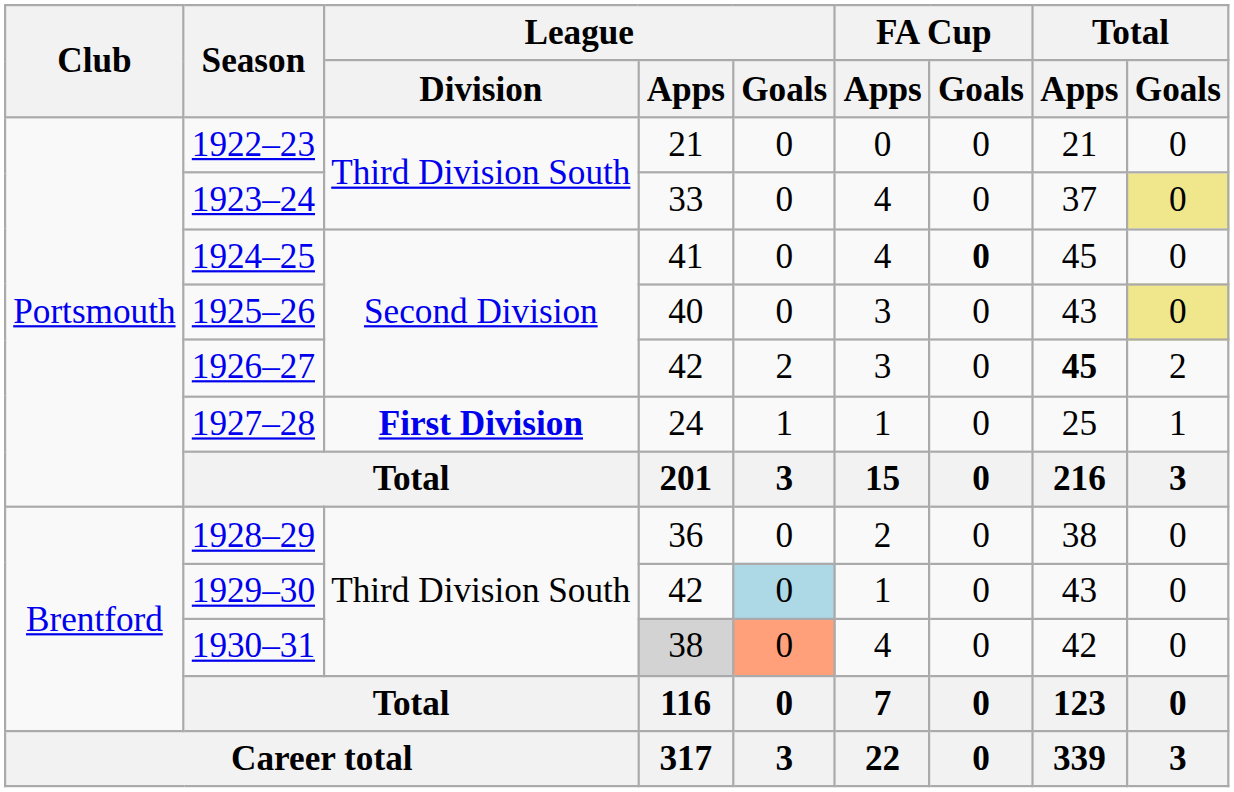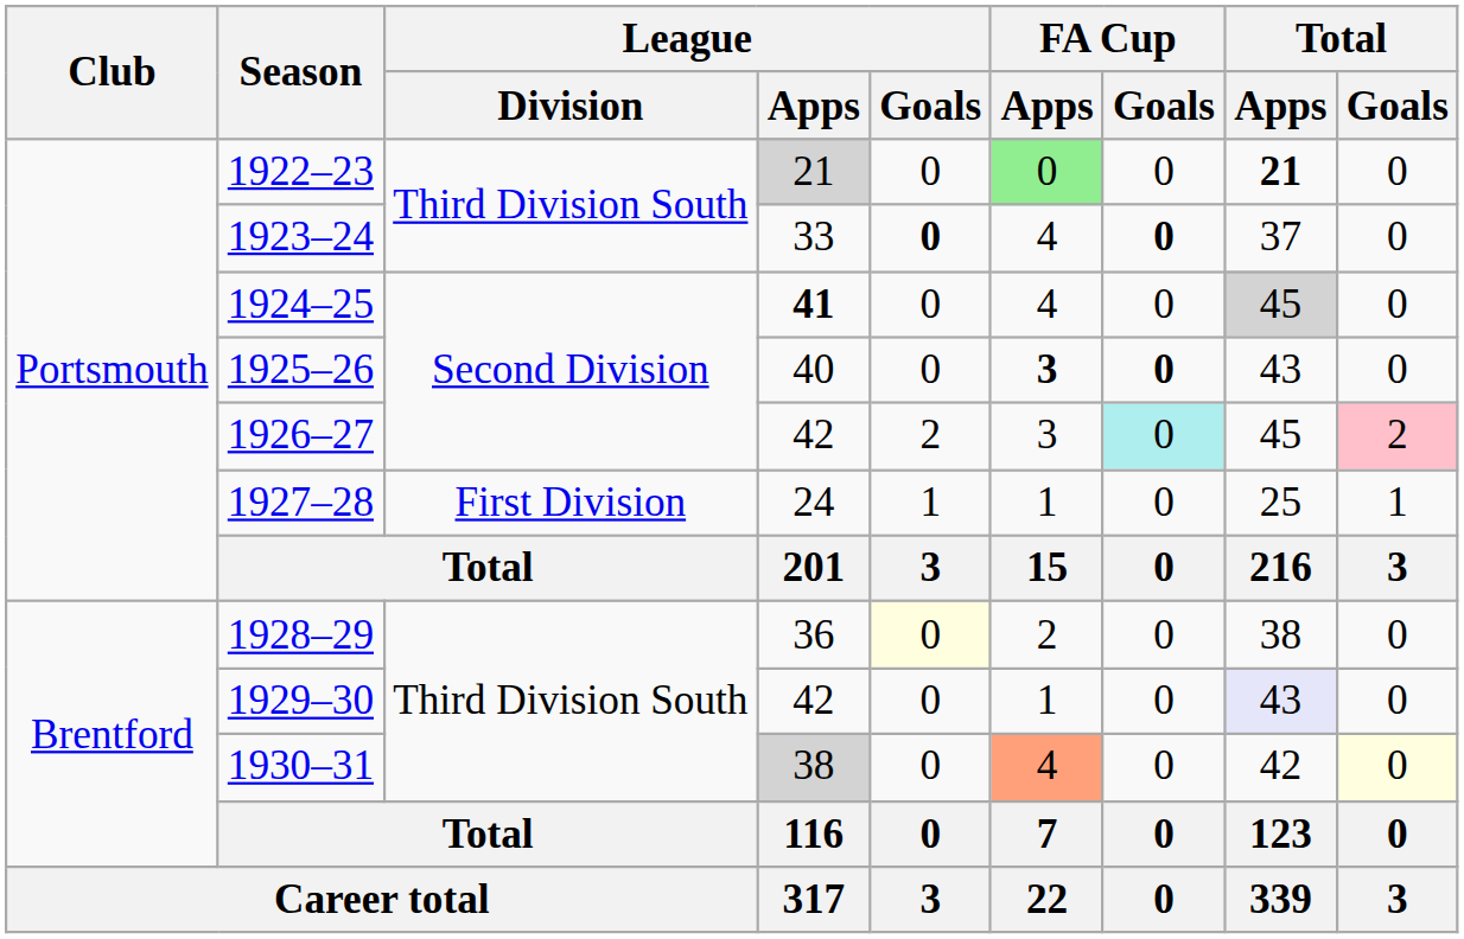 <table class="wikitable" style="text-align: center;">
 <tr>
 <th rowspan="2">Club</th>
 <th rowspan="2">Season</th>
 <th colspan="3">League</th>
 <th colspan="2">FA Cup</th>
 <th colspan="2">Total</th>
 </tr>
 <tr>
 <th>Division</th>
 <th>Apps</th>
 <th>Goals</th>
 <th>Apps</th>
 <th>Goals</th>
 <th>Apps</th>
 <th>Goals</th>
 </tr>
 <tr>
 <td rowspan="7"><a href='#'>Portsmouth</a></td>
 <td><a href='#'>1922–23</a></td>
 <td rowspan="2"><a href='#'>Third Division South</a></td>
-<td>21</td>
+<td style="background: lightgrey;">21</td>
 <td>0</td>
+<td style="background: lightgreen;">0</td>
 <td>0</td>
-<td>0</td>
-<td>21</td>
+<td><strong>21</strong></td>
 <td>0</td>
 </tr>
 <tr>
 <td><a href='#'>1923–24</a></td>
 <td>33</td>
+<td><strong>0</strong></td>
+<td>4</td>
+<td><strong>0</strong></td>
+<td>37</td>
 <td>0</td>
-<td>4</td>
-<td>0</td>
-<td>37</td>
-<td style="background: khaki;">0</td>
 </tr>
 <tr>
 <td><a href='#'>1924–25</a></td>
 <td rowspan="3"><a href='#'>Second Division</a></td>
-<td>41</td>
+<td><strong>41</strong></td>
 <td>0</td>
 <td>4</td>
-<td><strong>0</strong></td>
-<td>45</td>
+<td>0</td>
+<td style="background: lightgrey;">45</td>
 <td>0</td>
 </tr>
 <tr>
 <td><a href='#'>1925–26</a></td>
 <td>40</td>
 <td>0</td>
-<td>3</td>
+<td><strong>3</strong></td>
+<td><strong>0</strong></td>
+<td>43</td>
 <td>0</td>
-<td>43</td>
-<td style="background: khaki;">0</td>
 </tr>
 <tr>
 <td><a href='#'>1926–27</a></td>
 <td>42</td>
 <td>2</td>
 <td>3</td>
-<td>0</td>
-<td><strong>45</strong></td>
-<td>2</td>
+<td style="background: paleturquoise;">0</td>
+<td>45</td>
+<td style="background: pink;">2</td>
 </tr>
 <tr>
 <td><a href='#'>1927–28</a></td>
-<td><strong><a href='#'>First Division</a></strong></td>
+<td><a href='#'>First Division</a></td>
 <td>24</td>
 <td>1</td>
 <td>1</td>
 <td>0</td>
 <td>25</td>
 <td>1</td>
 </tr>
 <tr>
 <th colspan="2">Total</th>
 <th>201</th>
 <th>3</th>
 <th>15</th>
 <th>0</th>
 <th>216</th>
 <th>3</th>
 </tr>
 <tr>
 <td rowspan="4"><a href='#'>Brentford</a></td>
 <td><a href='#'>1928–29</a></td>
 <td rowspan="3">Third Division South</td>
 <td>36</td>
-<td>0</td>
+<td style="background: lightyellow;">0</td>
 <td>2</td>
 <td>0</td>
 <td>38</td>
 <td>0</td>
 </tr>
 <tr>
 <td><a href='#'>1929–30</a></td>
 <td>42</td>
-<td style="background: lightblue;">0</td>
+<td>0</td>
 <td>1</td>
 <td>0</td>
-<td>43</td>
+<td style="background: lavender;">43</td>
 <td>0</td>
 </tr>
 <tr>
 <td><a href='#'>1930–31</a></td>
 <td style="background: lightgrey;">38</td>
-<td style="background: lightsalmon;">0</td>
-<td>4</td>
+<td>0</td>
+<td style="background: lightsalmon;">4</td>
 <td>0</td>
 <td>42</td>
-<td>0</td>
+<td style="background: lightyellow;">0</td>
 </tr>
 <tr>
 <th colspan="2">Total</th>
 <th>116</th>
 <th>0</th>
 <th>7</th>
 <th>0</th>
 <th>123</th>
 <th>0</th>
 </tr>
 <tr>
 <th colspan="3">Career total</th>
 <th>317</th>
 <th>3</th>
 <th>22</th>
 <th>0</th>
 <th>339</th>
 <th>3</th>
 </tr>
 </table>
